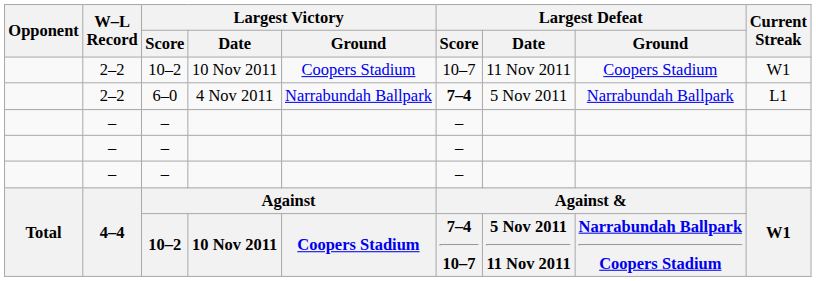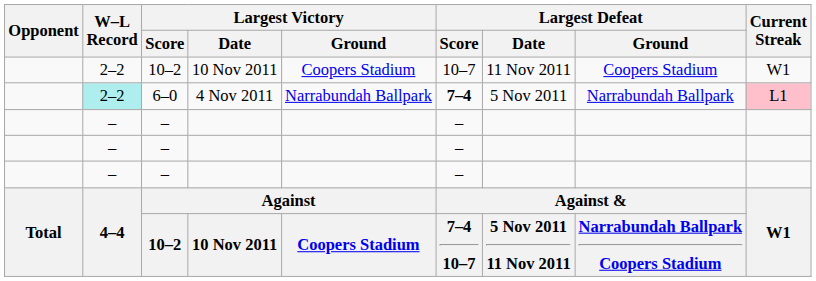 <table class="wikitable" style="text-align:center">
 <tr>
 <th rowspan=2>Opponent</th>
 <th rowspan=2>W–L<br>Record</th>
 <th colspan=3>Largest Victory</th>
 <th colspan=3>Largest Defeat</th>
 <th rowspan=2>Current<br>Streak</th>
 </tr>
 <tr>
 <th>Score</th>
 <th>Date</th>
 <th>Ground</th>
 <th>Score</th>
 <th>Date</th>
 <th>Ground</th>
 </tr>
 <tr>
 <td align=left></td>
 <td>2–2</td>
 <td>10–2</td>
 <td>10 Nov 2011</td>
 <td><a href='#'>Coopers Stadium</a></td>
 <td>10–7</td>
 <td>11 Nov 2011</td>
 <td><a href='#'>Coopers Stadium</a></td>
 <td>W1</td>
 </tr>
 <tr>
 <td align=left></td>
-<td>2–2</td>
+<td style="background: paleturquoise;">2–2</td>
 <td>6–0</td>
 <td>4 Nov 2011</td>
 <td><a href='#'>Narrabundah Ballpark</a></td>
 <td><strong>7–4</strong></td>
 <td>5 Nov 2011</td>
 <td><a href='#'>Narrabundah Ballpark</a></td>
-<td>L1</td>
+<td style="background: pink;">L1</td>
 </tr>
 <tr>
 <td align=left></td>
 <td>–</td>
 <td>–</td>
 <td></td>
 <td></td>
 <td>–</td>
 <td></td>
 <td></td>
 <td></td>
 </tr>
 <tr>
 <td align=left></td>
 <td>–</td>
 <td>–</td>
 <td></td>
 <td></td>
 <td>–</td>
 <td></td>
 <td></td>
 <td></td>
 </tr>
 <tr>
 <td align=left></td>
 <td>–</td>
 <td>–</td>
 <td></td>
 <td></td>
 <td>–</td>
 <td></td>
 <td></td>
 <td></td>
 </tr>
 <tr>
 <th rowspan=2 align=left>Total</th>
 <th rowspan=2>4–4</th>
 <th colspan=3>Against </th>
 <th colspan=3>Against  & </th>
 <th rowspan=2>W1</th>
 </tr>
 <tr>
 <th>10–2</th>
 <th>10 Nov 2011</th>
 <th><a href='#'>Coopers Stadium</a></th>
 <th>7–4<hr>10–7</th>
 <th>5 Nov 2011<hr>11 Nov 2011</th>
 <th><a href='#'>Narrabundah Ballpark</a><hr><a href='#'>Coopers Stadium</a></th>
 </tr>
 </table>
